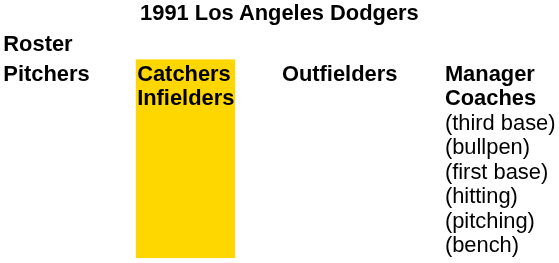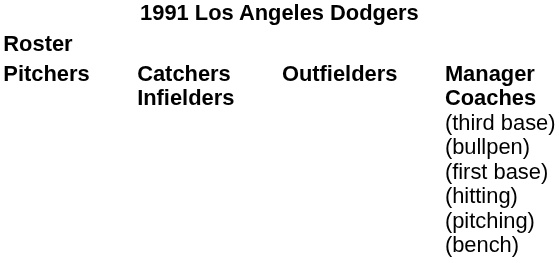 <table class="toccolours" style="font-size: 95%;">
 <tr>
 <th colspan="10">1991 Los Angeles Dodgers</th>
 </tr>
 <tr>
 <td colspan="10"><strong>Roster</strong></td>
 </tr>
 <tr>
 <td valign="top"><strong>Pitchers</strong><br>                         </td>
 <td width="25px"></td>
-<td valign="top" style="background: gold;"><strong>Catchers</strong><br>    <strong>Infielders</strong>          </td>
+<td valign="top"><strong>Catchers</strong><br>    <strong>Infielders</strong>          </td>
 <td width="25px"></td>
 <td valign="top"><strong>Outfielders</strong><br>        </td>
 <td width="25px"></td>
 <td valign="top"><strong>Manager</strong><br> <strong>Coaches</strong> <br> (third base)  <br>(bullpen)  <br>(first base)  <br>(hitting)   <br> (pitching)  <br>(bench)</td>
 </tr>
 </table>
